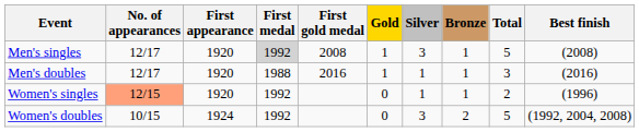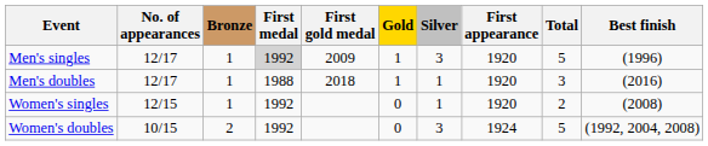 <table class="wikitable sortable" style="text-align:center">
 <tr>
 <th>Event</th>
 <th>No. of<br>appearances</th>
-<th>First<br>appearance</th>
+<th style="background-color:#c96;">Bronze</th>
 <th>First<br>medal</th>
 <th>First<br>gold medal</th>
 <th style="background-color:gold;">Gold</th>
 <th style="background-color:silver;">Silver</th>
-<th style="background-color:#c96;">Bronze</th>
+<th>First<br>appearance</th>
 <th>Total</th>
 <th>Best finish</th>
 </tr>
 <tr>
 <td align=left><a href='#'>Men's singles</a></td>
 <td>12/17</td>
-<td>1920</td>
+<td>1</td>
 <td style="background: lightgrey;">1992</td>
-<td>2008</td>
+<td>2009</td>
 <td>1</td>
 <td>3</td>
-<td>1</td>
+<td>1920</td>
 <td>5</td>
-<td> (2008)</td>
+<td> (1996)</td>
 </tr>
 <tr>
 <td align=left><a href='#'>Men's doubles</a></td>
 <td>12/17</td>
-<td>1920</td>
+<td>1</td>
 <td>1988</td>
-<td>2016</td>
+<td>2018</td>
 <td>1</td>
 <td>1</td>
-<td>1</td>
+<td>1920</td>
 <td>3</td>
 <td> (2016)</td>
 </tr>
 <tr>
 <td align=left><a href='#'>Women's singles</a></td>
-<td style="background: lightsalmon;">12/15</td>
-<td>1920</td>
+<td>12/15</td>
+<td>1</td>
 <td>1992</td>
 <td></td>
 <td>0</td>
 <td>1</td>
-<td>1</td>
+<td>1920</td>
 <td>2</td>
-<td> (1996)</td>
+<td> (2008)</td>
 </tr>
 <tr>
 <td align=left><a href='#'>Women's doubles</a></td>
 <td>10/15</td>
-<td>1924</td>
+<td>2</td>
 <td>1992</td>
 <td></td>
 <td>0</td>
 <td>3</td>
-<td>2</td>
+<td>1924</td>
 <td>5</td>
 <td> (1992, 2004, 2008)</td>
 </tr>
 </table>
